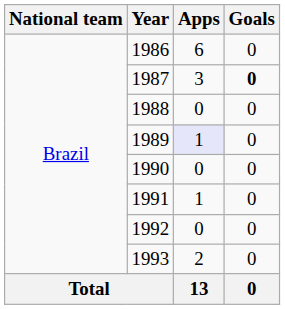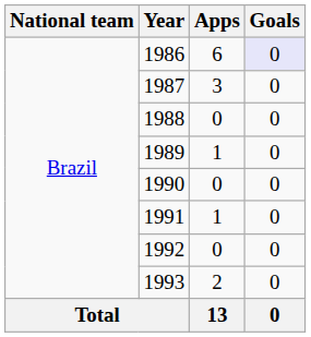 <table class="wikitable" style="text-align:center">
 <tr>
 <th>National team</th>
 <th>Year</th>
 <th>Apps</th>
 <th>Goals</th>
 </tr>
 <tr>
 <td rowspan="8"><a href='#'>Brazil</a></td>
 <td>1986</td>
 <td>6</td>
-<td>0</td>
+<td style="background: lavender;">0</td>
 </tr>
 <tr>
 <td>1987</td>
 <td>3</td>
-<td><strong>0</strong></td>
+<td>0</td>
 </tr>
 <tr>
 <td>1988</td>
 <td>0</td>
 <td>0</td>
 </tr>
 <tr>
 <td>1989</td>
-<td style="background: lavender;">1</td>
+<td>1</td>
 <td>0</td>
 </tr>
 <tr>
 <td>1990</td>
 <td>0</td>
 <td>0</td>
 </tr>
 <tr>
 <td>1991</td>
 <td>1</td>
 <td>0</td>
 </tr>
 <tr>
 <td>1992</td>
 <td>0</td>
 <td>0</td>
 </tr>
 <tr>
 <td>1993</td>
 <td>2</td>
 <td>0</td>
 </tr>
 <tr>
 <th colspan="2">Total</th>
 <th>13</th>
 <th>0</th>
 </tr>
 </table>
